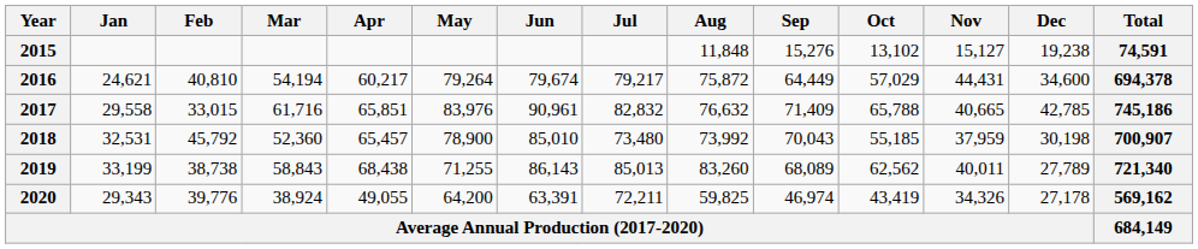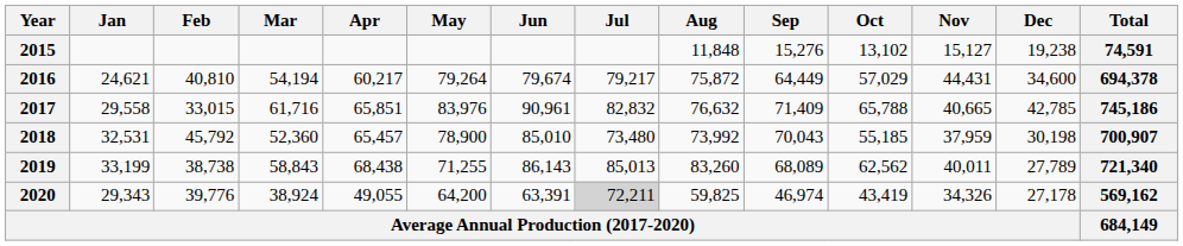 <table class=wikitable style="text-align:right; font-size:0.9em; width:950px;">
 <tr>
 <th>Year</th>
 <th>Jan</th>
 <th>Feb</th>
 <th>Mar</th>
 <th>Apr</th>
 <th>May</th>
 <th>Jun</th>
 <th>Jul</th>
 <th>Aug</th>
 <th>Sep</th>
 <th>Oct</th>
 <th>Nov</th>
 <th>Dec</th>
 <th>Total</th>
 </tr>
 <tr>
 <th>2015</th>
 <td></td>
 <td></td>
 <td></td>
 <td></td>
 <td></td>
 <td></td>
 <td></td>
 <td>11,848</td>
 <td>15,276</td>
 <td>13,102</td>
 <td>15,127</td>
 <td>19,238</td>
 <th>74,591</th>
 </tr>
 <tr>
 <th>2016</th>
 <td>24,621</td>
 <td>40,810</td>
 <td>54,194</td>
 <td>60,217</td>
 <td>79,264</td>
 <td>79,674</td>
 <td>79,217</td>
 <td>75,872</td>
 <td>64,449</td>
 <td>57,029</td>
 <td>44,431</td>
 <td>34,600</td>
 <th>694,378</th>
 </tr>
 <tr>
 <th>2017</th>
 <td>29,558</td>
 <td>33,015</td>
 <td>61,716</td>
 <td>65,851</td>
 <td>83,976</td>
 <td>90,961</td>
 <td>82,832</td>
 <td>76,632</td>
 <td>71,409</td>
 <td>65,788</td>
 <td>40,665</td>
 <td>42,785</td>
 <th>745,186</th>
 </tr>
 <tr>
 <th>2018</th>
 <td>32,531</td>
 <td>45,792</td>
 <td>52,360</td>
 <td>65,457</td>
 <td>78,900</td>
 <td>85,010</td>
 <td>73,480</td>
 <td>73,992</td>
 <td>70,043</td>
 <td>55,185</td>
 <td>37,959</td>
 <td>30,198</td>
 <th>700,907</th>
 </tr>
 <tr>
 <th>2019</th>
 <td>33,199</td>
 <td>38,738</td>
 <td>58,843</td>
 <td>68,438</td>
 <td>71,255</td>
 <td>86,143</td>
 <td>85,013</td>
 <td>83,260</td>
 <td>68,089</td>
 <td>62,562</td>
 <td>40,011</td>
 <td>27,789</td>
 <th>721,340</th>
 </tr>
 <tr>
 <th>2020</th>
 <td>29,343</td>
 <td>39,776</td>
 <td>38,924</td>
 <td>49,055</td>
 <td>64,200</td>
 <td>63,391</td>
-<td>72,211</td>
+<td style="background: lightgrey;">72,211</td>
 <td>59,825</td>
 <td>46,974</td>
 <td>43,419</td>
 <td>34,326</td>
 <td>27,178</td>
 <th>569,162</th>
 </tr>
 <tr>
 <th colspan=13>Average Annual Production (2017-2020)</th>
 <th>684,149</th>
 </tr>
 </table>
